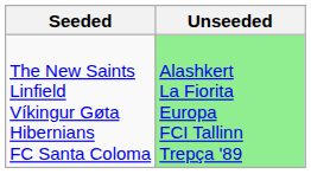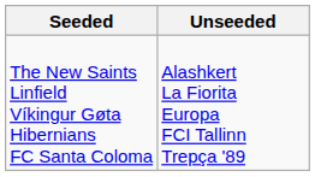 <table class="wikitable" style="font-size:80%">
 <tr>
 <th width=50%>Seeded</th>
 <th width=50%>Unseeded</th>
 </tr>
 <tr>
 <td valign=top><br> <a href='#'>The New Saints</a><br>  <a href='#'>Linfield</a><br>  <a href='#'>Víkingur Gøta</a><br>  <a href='#'>Hibernians</a><br>  <a href='#'>FC Santa Coloma</a></td>
-<td valign=top style="background: lightgreen;"><br> <a href='#'>Alashkert</a><br>  <a href='#'>La Fiorita</a><br>  <a href='#'>Europa</a><br>  <a href='#'>FCI Tallinn</a><br>  <a href='#'>Trepça '89</a></td>
+<td valign=top><br> <a href='#'>Alashkert</a><br>  <a href='#'>La Fiorita</a><br>  <a href='#'>Europa</a><br>  <a href='#'>FCI Tallinn</a><br>  <a href='#'>Trepça '89</a></td>
 </tr>
 </table>
